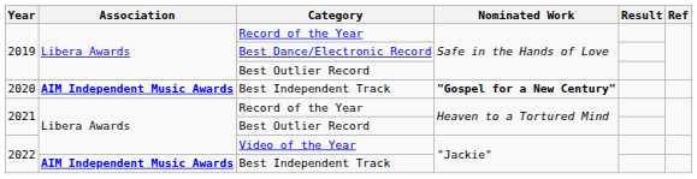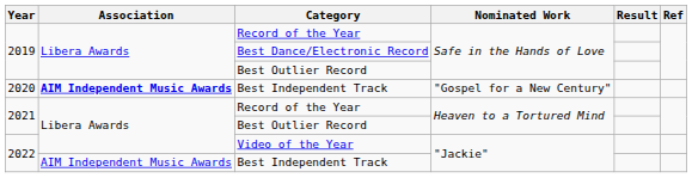 <table class="wikitable">
 <tr>
 <th>Year</th>
 <th>Association</th>
 <th>Category</th>
 <th>Nominated Work</th>
 <th>Result</th>
 <th>Ref</th>
 </tr>
 <tr>
 <td rowspan="3">2019</td>
 <td rowspan="3"><a href='#'>Libera Awards</a></td>
 <td><a href='#'>Record of the Year</a></td>
 <td rowspan="3"><em>Safe in the Hands of Love</em></td>
 <td></td>
 <td rowspan="3"></td>
 </tr>
 <tr>
 <td><a href='#'>Best Dance/Electronic Record</a></td>
 <td></td>
 </tr>
 <tr>
 <td>Best Outlier Record</td>
 <td></td>
 </tr>
 <tr>
 <td>2020</td>
 <td><strong><a href='#'>AIM Independent Music Awards</a></strong></td>
 <td>Best Independent Track</td>
-<td><strong>"Gospel for a New Century"</strong></td>
+<td>"Gospel for a New Century"</td>
 <td></td>
 <td></td>
 </tr>
 <tr>
 <td rowspan="2">2021</td>
 <td rowspan="3">Libera Awards</td>
 <td>Record of the Year</td>
 <td rowspan="2"><em>Heaven to a Tortured Mind</em></td>
 <td></td>
 <td rowspan="2"></td>
 </tr>
 <tr>
 <td>Best Outlier Record</td>
 <td></td>
 </tr>
 <tr>
 <td rowspan="2">2022</td>
 <td><a href='#'>Video of the Year</a></td>
 <td rowspan="2">"Jackie"</td>
 <td></td>
 <td></td>
 </tr>
 <tr>
-<td rowspan="1"><strong><a href='#'>AIM Independent Music Awards</a></strong></td>
+<td rowspan="1"><a href='#'>AIM Independent Music Awards</a></td>
 <td>Best Independent Track</td>
 <td></td>
 <td></td>
 </tr>
 </table>
